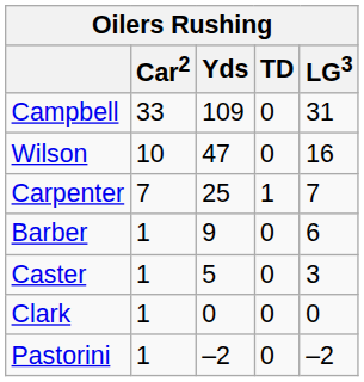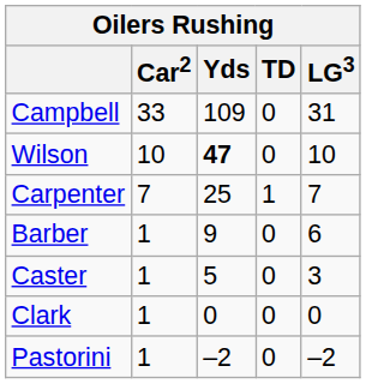 <table class="wikitable">
 <tr>
 <th colspan="5">Oilers Rushing</th>
 </tr>
 <tr>
 <th></th>
 <th>Car<sup>2</sup></th>
 <th>Yds</th>
 <th>TD</th>
 <th>LG<sup>3</sup></th>
 </tr>
 <tr>
 <td><a href='#'>Campbell</a></td>
 <td>33</td>
 <td>109</td>
 <td>0</td>
 <td>31</td>
 </tr>
 <tr>
 <td><a href='#'>Wilson</a></td>
 <td>10</td>
-<td>47</td>
+<td><strong>47</strong></td>
 <td>0</td>
-<td>16</td>
+<td>10</td>
 </tr>
 <tr>
 <td><a href='#'>Carpenter</a></td>
 <td>7</td>
 <td>25</td>
 <td>1</td>
 <td>7</td>
 </tr>
 <tr>
 <td><a href='#'>Barber</a></td>
 <td>1</td>
 <td>9</td>
 <td>0</td>
 <td>6</td>
 </tr>
 <tr>
 <td><a href='#'>Caster</a></td>
 <td>1</td>
 <td>5</td>
 <td>0</td>
 <td>3</td>
 </tr>
 <tr>
 <td><a href='#'>Clark</a></td>
 <td>1</td>
 <td>0</td>
 <td>0</td>
 <td>0</td>
 </tr>
 <tr>
 <td><a href='#'>Pastorini</a></td>
 <td>1</td>
 <td>–2</td>
 <td>0</td>
 <td>–2</td>
 </tr>
 </table>
